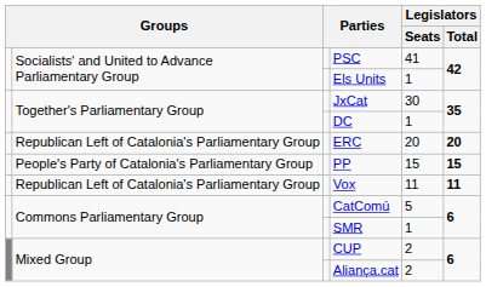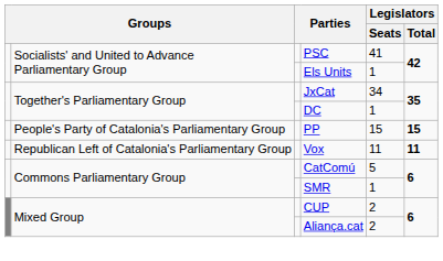 <table class="wikitable" style="text-align:left;">
 <tr>
 <th rowspan="2" colspan="2">Groups</th>
 <th rowspan="2" colspan="2">Parties</th>
 <th colspan="2">Legislators</th>
 </tr>
 <tr>
 <th>Seats</th>
 <th>Total</th>
 </tr>
 <tr>
 <td width="1" rowspan="2"></td>
 <td rowspan="2">Socialists' and United to Advance<br>Parliamentary Group</td>
 <td width="1" style="color:inherit;background:"></td>
 <td><a href='#'>PSC</a></td>
 <td>41</td>
 <td rowspan="2"><strong>42</strong></td>
 </tr>
 <tr>
 <td style="color:inherit;background:"></td>
 <td><a href='#'>Els Units</a></td>
 <td>1</td>
 </tr>
 <tr>
 <td rowspan="2" style="color:inherit;background:"></td>
 <td rowspan="2">Together's Parliamentary Group</td>
 <td style="color:inherit;background:"></td>
 <td><a href='#'>JxCat</a></td>
-<td>30</td>
+<td>34</td>
 <td rowspan="2"><strong>35</strong></td>
 </tr>
 <tr>
 <td style="color:inherit;background:"></td>
 <td><a href='#'>DC</a></td>
 <td>1</td>
-</tr>
-<tr>
-<td style="color:inherit;background:"></td>
-<td>Republican Left of Catalonia's Parliamentary Group</td>
-<td style="color:inherit;background:"></td>
-<td><a href='#'>ERC</a></td>
-<td>20</td>
-<td><strong>20</strong></td>
 </tr>
 <tr>
 <td style="color:inherit;background:"></td>
 <td>People's Party of Catalonia's Parliamentary Group</td>
 <td style="color:inherit;background:"></td>
 <td><a href='#'>PP</a></td>
 <td>15</td>
 <td><strong>15</strong></td>
 </tr>
 <tr>
 <td style="color:inherit;background:"></td>
 <td>Republican Left of Catalonia's Parliamentary Group</td>
 <td style="color:inherit;background:"></td>
 <td><a href='#'>Vox</a></td>
 <td>11</td>
 <td><strong>11</strong></td>
 </tr>
 <tr>
 <td width="1" rowspan="2"></td>
 <td rowspan="2">Commons Parliamentary Group</td>
 <td width="1" style="color:inherit;background:"></td>
 <td><a href='#'>CatComú</a></td>
 <td>5</td>
 <td rowspan="2"><strong>6</strong></td>
 </tr>
 <tr>
 <td style="color:inherit;background:"></td>
 <td><a href='#'>SMR</a></td>
 <td>1</td>
 </tr>
 <tr>
 <td rowspan="2" bgcolor="gray"></td>
 <td rowspan="2">Mixed Group</td>
 <td style="color:inherit;background:"></td>
 <td><a href='#'>CUP</a></td>
 <td>2</td>
 <td rowspan="2"><strong>6</strong></td>
 </tr>
 <tr>
 <td style="color:inherit;background:"></td>
 <td><a href='#'>Aliança.cat</a></td>
 <td>2</td>
 </tr>
 </table>
